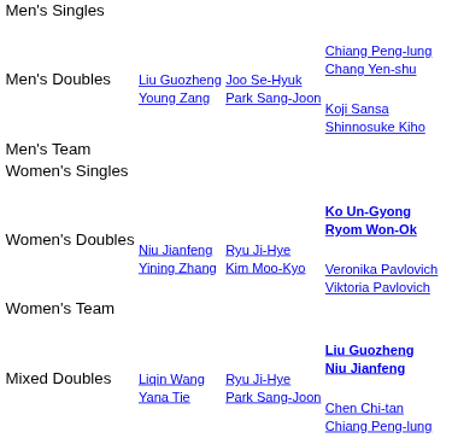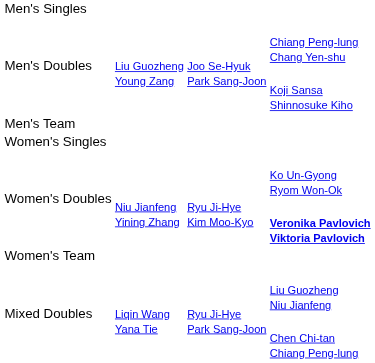 <table>
 <tr>
 <td rowspan=2>Men's Singles</td>
 <td rowspan=2></td>
 <td rowspan=2></td>
 <td></td>
 </tr>
 <tr>
 <td></td>
 </tr>
 <tr>
 <td rowspan=2>Men's Doubles</td>
 <td rowspan=2><br><small><a href='#'>Liu Guozheng</a><br><a href='#'>Young Zang</a></small></td>
 <td rowspan=2><br><small><a href='#'>Joo Se-Hyuk</a><br><a href='#'>Park Sang-Joon</a></small></td>
 <td> <br><small><a href='#'>Chiang Peng-lung</a><br><a href='#'>Chang Yen-shu</a></small></td>
 </tr>
 <tr>
 <td><br><small><a href='#'>Koji Sansa</a><br><a href='#'>Shinnosuke Kiho</a></small></td>
 </tr>
 <tr>
 <td rowspan=2>Men's Team</td>
 <td rowspan=2></td>
 <td rowspan=2></td>
 <td></td>
 </tr>
 <tr>
 <td></td>
 </tr>
 <tr>
 <td rowspan=2>Women's Singles</td>
 <td rowspan=2></td>
 <td rowspan=2></td>
 <td></td>
 </tr>
 <tr>
 <td></td>
 </tr>
 <tr>
 <td rowspan=2>Women's Doubles</td>
 <td rowspan=2> <br><br><small><a href='#'>Niu Jianfeng</a><br><a href='#'>Yining Zhang</a></small></td>
 <td rowspan=2> <br><br><small><a href='#'>Ryu Ji-Hye</a><br><a href='#'>Kim Moo-Kyo</a></small></td>
-<td><strong><br><small><a href='#'>Ko Un-Gyong</a><br><a href='#'>Ryom Won-Ok</a></small></strong></td>
+<td><br><small><a href='#'>Ko Un-Gyong</a><br><a href='#'>Ryom Won-Ok</a></small></td>
 </tr>
 <tr>
-<td><br><small><a href='#'>Veronika Pavlovich</a><br><a href='#'>Viktoria Pavlovich</a></small></td>
+<td><strong><br><small><a href='#'>Veronika Pavlovich</a><br><a href='#'>Viktoria Pavlovich</a></small></strong></td>
 </tr>
 <tr>
 <td rowspan=2>Women's Team</td>
 <td rowspan=2></td>
 <td rowspan=2></td>
 <td></td>
 </tr>
 <tr>
 <td></td>
 </tr>
 <tr>
 <td rowspan=2>Mixed Doubles</td>
 <td rowspan=2> <br><small><a href='#'>Liqin Wang</a><br><a href='#'>Yana Tie</a></small></td>
 <td rowspan=2> <br><small><a href='#'>Ryu Ji-Hye</a><br><a href='#'>Park Sang-Joon</a></small></td>
-<td><strong><br><small><a href='#'>Liu Guozheng</a><br><a href='#'>Niu Jianfeng</a></small></strong></td>
+<td><br><small><a href='#'>Liu Guozheng</a><br><a href='#'>Niu Jianfeng</a></small></td>
 </tr>
 <tr>
 <td> <br><small><a href='#'>Chen Chi-tan</a><br><a href='#'>Chiang Peng-lung</a></small></td>
 </tr>
 </table>
